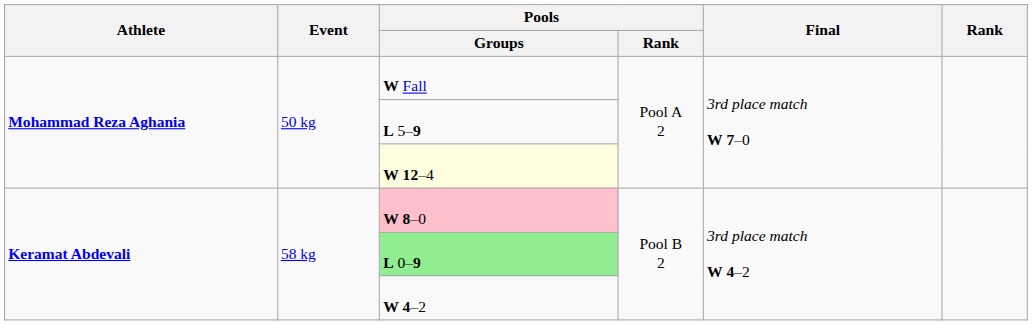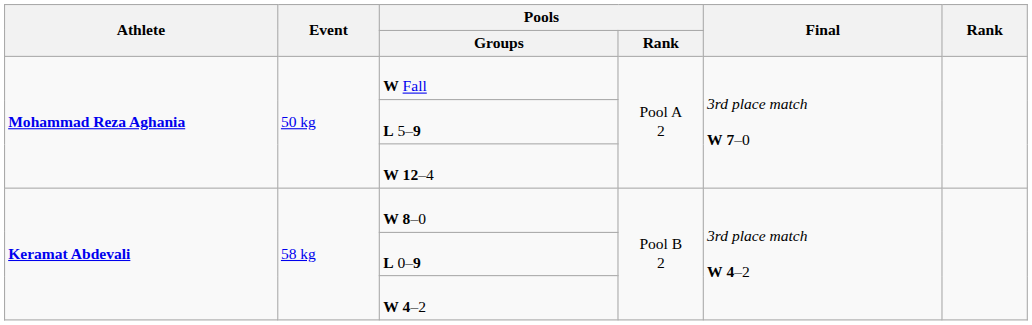 <table class="wikitable" width="75%" style="text-align:left; font-size:90%">
 <tr>
 <th rowspan="2" width="16%">Athlete</th>
 <th rowspan="2" width="6%">Event</th>
 <th colspan="2">Pools</th>
 <th rowspan="2" width="14%">Final</th>
 <th rowspan="2" width="5%">Rank</th>
 </tr>
 <tr>
 <th width="14%">Groups</th>
 <th width="5%">Rank</th>
 </tr>
 <tr>
 <td rowspan="3"><strong><a href='#'>Mohammad Reza Aghania</a></strong></td>
 <td rowspan="3"><a href='#'>50 kg</a></td>
 <td><br><strong>W</strong> <a href='#'>Fall</a></td>
 <td rowspan="3" align=center>Pool A<br>2 <strong></strong></td>
 <td rowspan="3"><em>3rd place match</em><br><br><strong>W</strong> <strong>7</strong>–0</td>
 <td rowspan="3" align="center"></td>
 </tr>
 <tr>
 <td><br><strong>L</strong> 5–<strong>9</strong></td>
 </tr>
 <tr>
-<td style="background: lightyellow;"><br><strong>W</strong> <strong>12</strong>–4</td>
+<td><br><strong>W</strong> <strong>12</strong>–4</td>
 </tr>
 <tr>
 <td rowspan="3"><strong><a href='#'>Keramat Abdevali</a></strong></td>
 <td rowspan="3"><a href='#'>58 kg</a></td>
-<td style="background: pink;"><br><strong>W</strong> <strong>8</strong>–0</td>
+<td><br><strong>W</strong> <strong>8</strong>–0</td>
 <td rowspan="3" align=center>Pool B<br>2 <strong></strong></td>
 <td rowspan="3"><em>3rd place match</em><br><br><strong>W</strong> <strong>4</strong>–2</td>
 <td rowspan="3" align="center"></td>
 </tr>
 <tr>
-<td style="background: lightgreen;"><br><strong>L</strong> 0–<strong>9</strong></td>
+<td><br><strong>L</strong> 0–<strong>9</strong></td>
 </tr>
 <tr>
 <td><br><strong>W</strong> <strong>4</strong>–2</td>
 </tr>
 </table>
